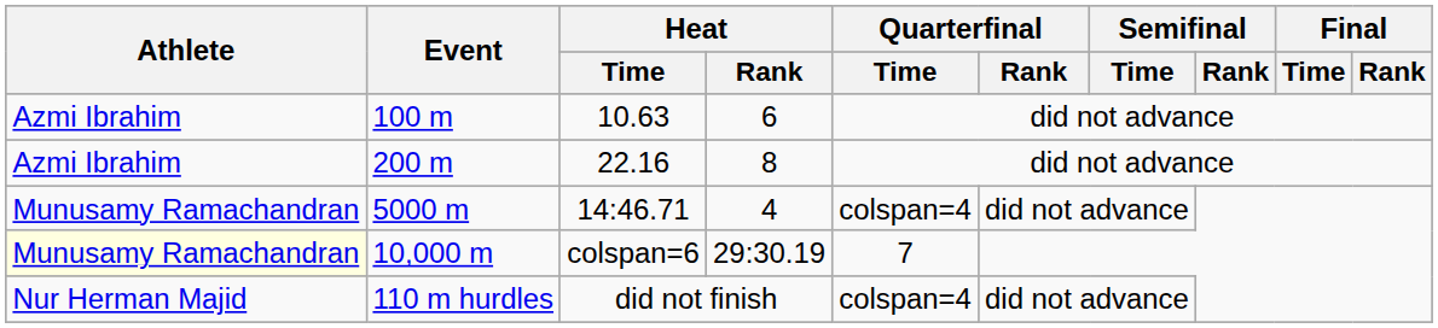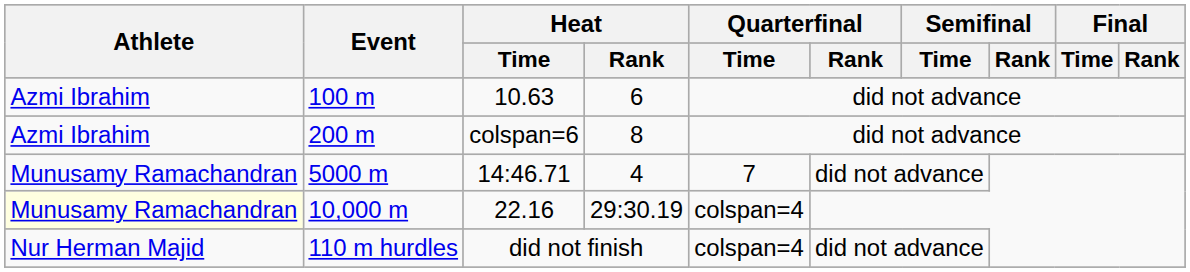 <table class="wikitable" style="font-size:90%">
 <tr>
 <th rowspan=2>Athlete</th>
 <th rowspan=2>Event</th>
 <th colspan=2>Heat</th>
 <th colspan=2>Quarterfinal</th>
 <th colspan=2>Semifinal</th>
 <th colspan=2>Final</th>
 </tr>
 <tr style="font-size:95%">
 <th>Time</th>
 <th>Rank</th>
 <th>Time</th>
 <th>Rank</th>
 <th>Time</th>
 <th>Rank</th>
 <th>Time</th>
 <th>Rank</th>
 </tr>
 <tr align=center>
 <td align=left><a href='#'>Azmi Ibrahim</a></td>
 <td align=left><a href='#'>100 m</a></td>
 <td>10.63</td>
 <td>6</td>
 <td colspan=6>did not advance</td>
 </tr>
 <tr align=center>
 <td align=left><a href='#'>Azmi Ibrahim</a></td>
 <td align=left><a href='#'>200 m</a></td>
-<td>22.16</td>
+<td>colspan=6 </td>
 <td>8</td>
 <td colspan=6>did not advance</td>
 </tr>
 <tr align=center>
 <td align=left><a href='#'>Munusamy Ramachandran</a></td>
 <td align=left><a href='#'>5000 m</a></td>
 <td>14:46.71</td>
 <td>4</td>
-<td>colspan=4 </td>
+<td>7</td>
 <td colspan=2>did not advance</td>
 </tr>
 <tr align=center>
 <td align=left style="background: lightyellow;"><a href='#'>Munusamy Ramachandran</a></td>
 <td align=left><a href='#'>10,000 m</a></td>
-<td>colspan=6 </td>
+<td>22.16</td>
 <td>29:30.19</td>
-<td>7</td>
+<td>colspan=4 </td>
 </tr>
 <tr align=center>
 <td align=left><a href='#'>Nur Herman Majid</a></td>
 <td align=left><a href='#'>110 m hurdles</a></td>
 <td colspan=2>did not finish</td>
 <td>colspan=4 </td>
 <td colspan=2>did not advance</td>
 </tr>
 </table>
